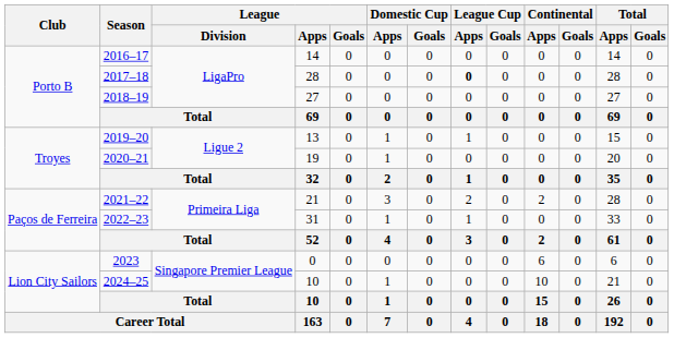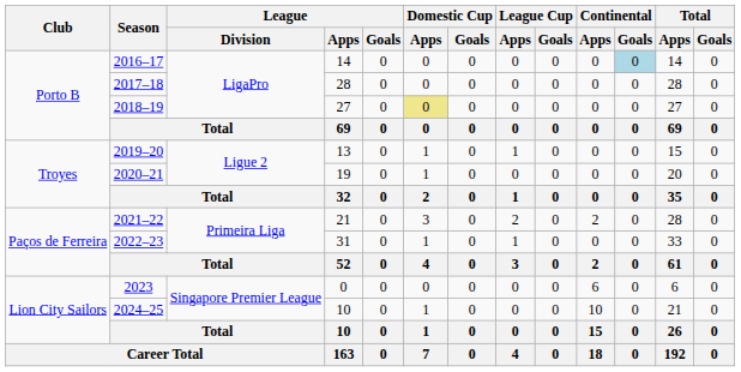 <table class="wikitable" style="text-align: center">
 <tr>
 <th rowspan="2">Club</th>
 <th rowspan="2">Season</th>
 <th colspan="3">League</th>
 <th colspan="2">Domestic Cup</th>
 <th colspan="2">League Cup</th>
 <th colspan="2">Continental</th>
 <th colspan="2">Total</th>
 </tr>
 <tr>
 <th>Division</th>
 <th>Apps</th>
 <th>Goals</th>
 <th>Apps</th>
 <th>Goals</th>
 <th>Apps</th>
 <th>Goals</th>
 <th>Apps</th>
 <th>Goals</th>
 <th>Apps</th>
 <th>Goals</th>
 </tr>
 <tr>
 <td rowspan="4"><a href='#'>Porto B</a></td>
 <td><a href='#'>2016–17</a></td>
 <td rowspan="3"><a href='#'>LigaPro</a></td>
 <td>14</td>
 <td>0</td>
 <td>0</td>
 <td>0</td>
 <td>0</td>
 <td>0</td>
 <td>0</td>
-<td>0</td>
+<td style="background: lightblue;">0</td>
 <td>14</td>
 <td>0</td>
 </tr>
 <tr>
 <td><a href='#'>2017–18</a></td>
 <td>28</td>
 <td>0</td>
 <td>0</td>
 <td>0</td>
-<td><strong>0</strong></td>
+<td>0</td>
 <td>0</td>
 <td>0</td>
 <td>0</td>
 <td>28</td>
 <td>0</td>
 </tr>
 <tr>
 <td><a href='#'>2018–19</a></td>
 <td>27</td>
 <td>0</td>
-<td>0</td>
+<td style="background: khaki;">0</td>
 <td>0</td>
 <td>0</td>
 <td>0</td>
 <td>0</td>
 <td>0</td>
 <td>27</td>
 <td>0</td>
 </tr>
 <tr>
 <th colspan="2">Total</th>
 <th>69</th>
 <th>0</th>
 <th>0</th>
 <th>0</th>
 <th>0</th>
 <th>0</th>
 <th>0</th>
 <th>0</th>
 <th>69</th>
 <th>0</th>
 </tr>
 <tr>
 <td rowspan="3"><a href='#'>Troyes</a></td>
 <td><a href='#'>2019–20</a></td>
 <td rowspan="2"><a href='#'>Ligue 2</a></td>
 <td>13</td>
 <td>0</td>
 <td>1</td>
 <td>0</td>
 <td>1</td>
 <td>0</td>
 <td>0</td>
 <td>0</td>
 <td>15</td>
 <td>0</td>
 </tr>
 <tr>
 <td><a href='#'>2020–21</a></td>
 <td>19</td>
 <td>0</td>
 <td>1</td>
 <td>0</td>
 <td>0</td>
 <td>0</td>
 <td>0</td>
 <td>0</td>
 <td>20</td>
 <td>0</td>
 </tr>
 <tr>
 <th colspan="2">Total</th>
 <th>32</th>
 <th>0</th>
 <th>2</th>
 <th>0</th>
 <th>1</th>
 <th>0</th>
 <th>0</th>
 <th>0</th>
 <th>35</th>
 <th>0</th>
 </tr>
 <tr>
 <td rowspan="3"><a href='#'>Paços de Ferreira</a></td>
 <td><a href='#'>2021–22</a></td>
 <td rowspan="2"><a href='#'>Primeira Liga</a></td>
 <td>21</td>
 <td>0</td>
 <td>3</td>
 <td>0</td>
 <td>2</td>
 <td>0</td>
 <td>2</td>
 <td>0</td>
 <td>28</td>
 <td>0</td>
 </tr>
 <tr>
 <td><a href='#'>2022–23</a></td>
 <td>31</td>
 <td>0</td>
 <td>1</td>
 <td>0</td>
 <td>1</td>
 <td>0</td>
 <td>0</td>
 <td>0</td>
 <td>33</td>
 <td>0</td>
 </tr>
 <tr>
 <th colspan="2">Total</th>
 <th>52</th>
 <th>0</th>
 <th>4</th>
 <th>0</th>
 <th>3</th>
 <th>0</th>
 <th>2</th>
 <th>0</th>
 <th>61</th>
 <th>0</th>
 </tr>
 <tr>
 <td rowspan="3"><a href='#'>Lion City Sailors</a></td>
 <td><a href='#'>2023</a></td>
 <td rowspan="2"><a href='#'>Singapore Premier League</a></td>
 <td>0</td>
 <td>0</td>
 <td>0</td>
 <td>0</td>
 <td>0</td>
 <td>0</td>
 <td>6</td>
 <td>0</td>
 <td>6</td>
 <td>0</td>
 </tr>
 <tr>
 <td><a href='#'>2024–25</a></td>
 <td>10</td>
 <td>0</td>
 <td>1</td>
 <td>0</td>
 <td>0</td>
 <td>0</td>
 <td>10 </td>
 <td>0</td>
 <td>21</td>
 <td>0</td>
 </tr>
 <tr>
 <th colspan="2">Total</th>
 <th>10</th>
 <th>0</th>
 <th>1</th>
 <th>0</th>
 <th>0</th>
 <th>0</th>
 <th>15</th>
 <th>0</th>
 <th>26</th>
 <th>0</th>
 </tr>
 <tr>
 <th colspan="3">Career Total</th>
 <th>163</th>
 <th>0</th>
 <th>7</th>
 <th>0</th>
 <th>4</th>
 <th>0</th>
 <th>18</th>
 <th>0</th>
 <th>192</th>
 <th>0</th>
 </tr>
 </table>
